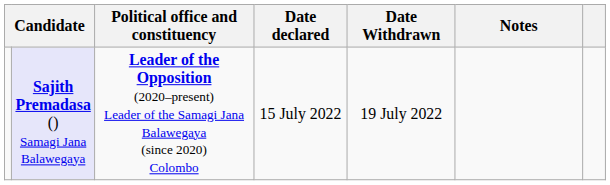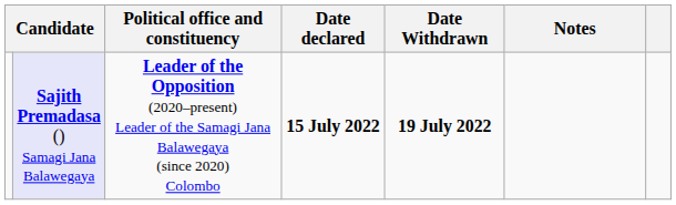 <table class="wikitable sortable" style="text-align:center">
 <tr>
 <th scope="col" style="width: 200px;" colspan=2>Candidate</th>
 <th scope="col" style="width: 300px;">Political office and constituency</th>
 <th scope="col" style="width: 150px;">Date declared</th>
 <th scope="col" style="width: 150px;">Date Withdrawn</th>
 <th scope="col" style="width: 300px;">Notes</th>
 <th scope="col" style="width: 50px;" ! class="unsortable"></th>
 </tr>
 <tr>
 <td></td>
 <td style="background:lavender;"><br><strong><a href='#'>Sajith Premadasa</a></strong> ()<br><small><a href='#'>Samagi Jana Balawegaya</a></small></td>
 <td><strong><a href='#'>Leader of the Opposition</a></strong><br><small>(2020–present)</small><br><small><a href='#'>Leader of the Samagi Jana Balawegaya</a><br>(since 2020)</small><br><small><a href='#'>Colombo</a></small></td>
-<td>15 July 2022</td>
-<td>19 July 2022</td>
+<td><strong>15 July 2022</strong></td>
+<td><strong>19 July 2022</strong></td>
 <td></td>
 <td></td>
 </tr>
 </table>
